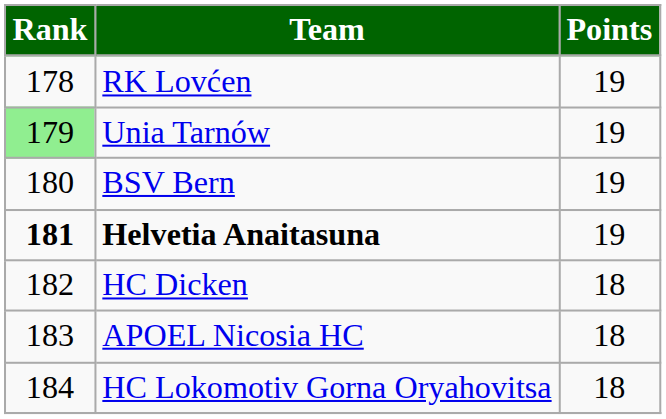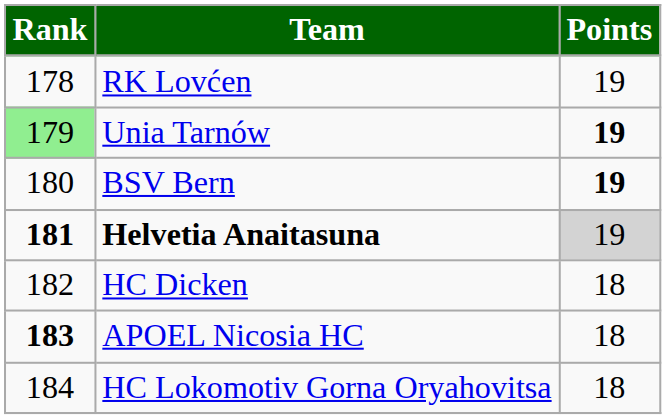 <table class="wikitable" style="text-align: center;">
 <tr>
 <th style="color:#FFFFFF; background:#006400">Rank</th>
 <th style="color:#FFFFFF; background:#006400">Team</th>
 <th style="color:#FFFFFF; background:#006400">Points</th>
 </tr>
 <tr>
 <td>178</td>
 <td align=left> <a href='#'>RK Lovćen</a></td>
 <td>19</td>
 </tr>
 <tr>
 <td style="background: lightgreen;">179</td>
 <td align=left> <a href='#'>Unia Tarnów</a></td>
-<td>19</td>
+<td><strong>19</strong></td>
 </tr>
 <tr>
 <td>180</td>
 <td align=left> <a href='#'>BSV Bern</a></td>
-<td>19</td>
+<td><strong>19</strong></td>
 </tr>
 <tr>
 <td><strong>181</strong></td>
 <td align=left> <strong>Helvetia Anaitasuna</strong></td>
-<td>19</td>
+<td style="background: lightgrey;">19</td>
 </tr>
 <tr>
 <td>182</td>
 <td align=left> <a href='#'>HC Dicken</a></td>
 <td>18</td>
 </tr>
 <tr>
-<td>183</td>
+<td><strong>183</strong></td>
 <td align=left> <a href='#'>APOEL Nicosia HC</a></td>
 <td>18</td>
 </tr>
 <tr>
 <td>184</td>
 <td align=left> <a href='#'>HC Lokomotiv Gorna Oryahovitsa</a></td>
 <td>18</td>
 </tr>
 <tr>
 </tr>
 </table>
